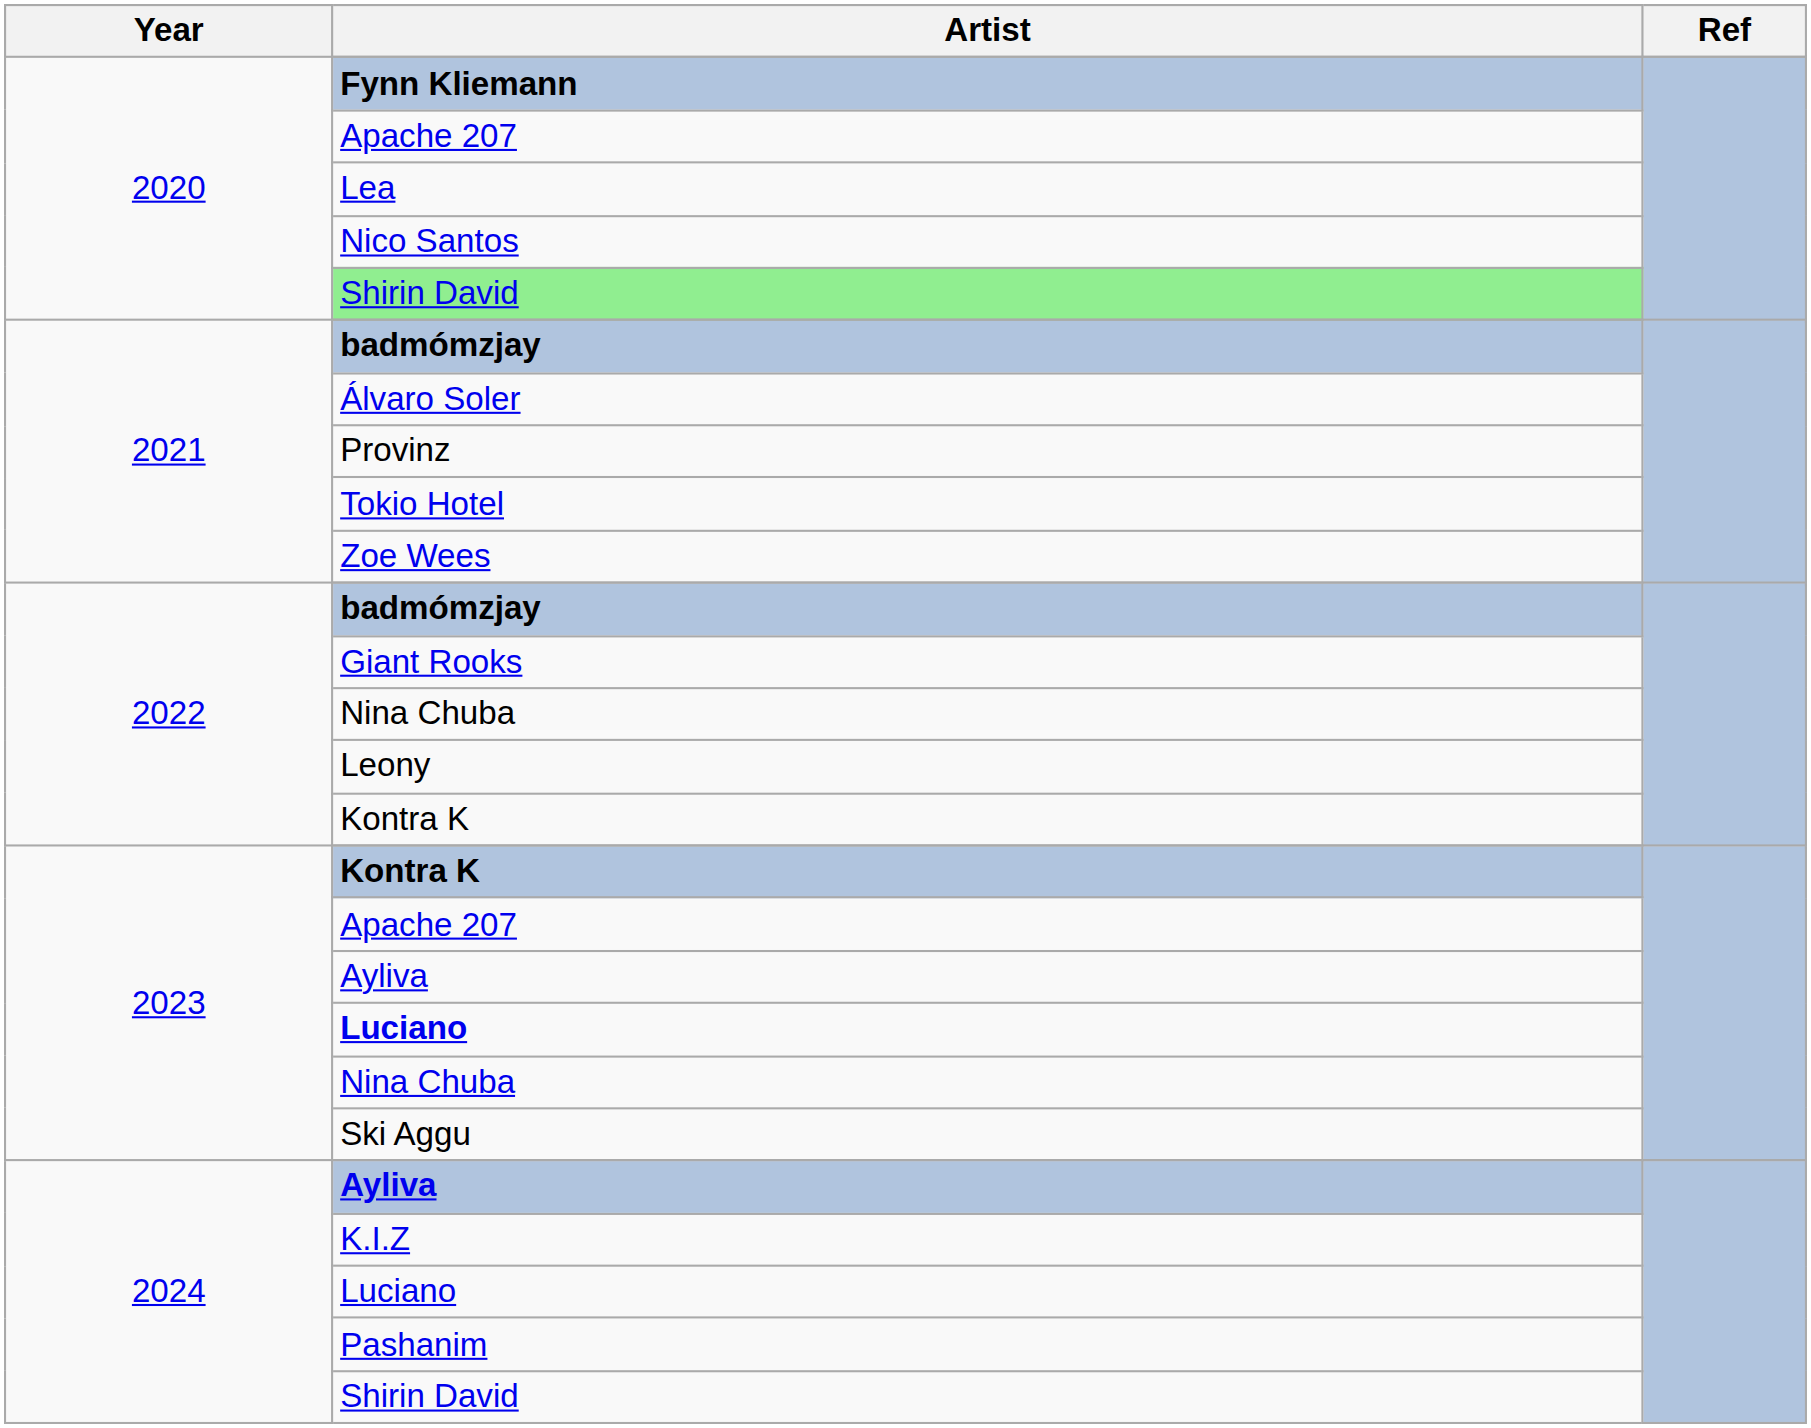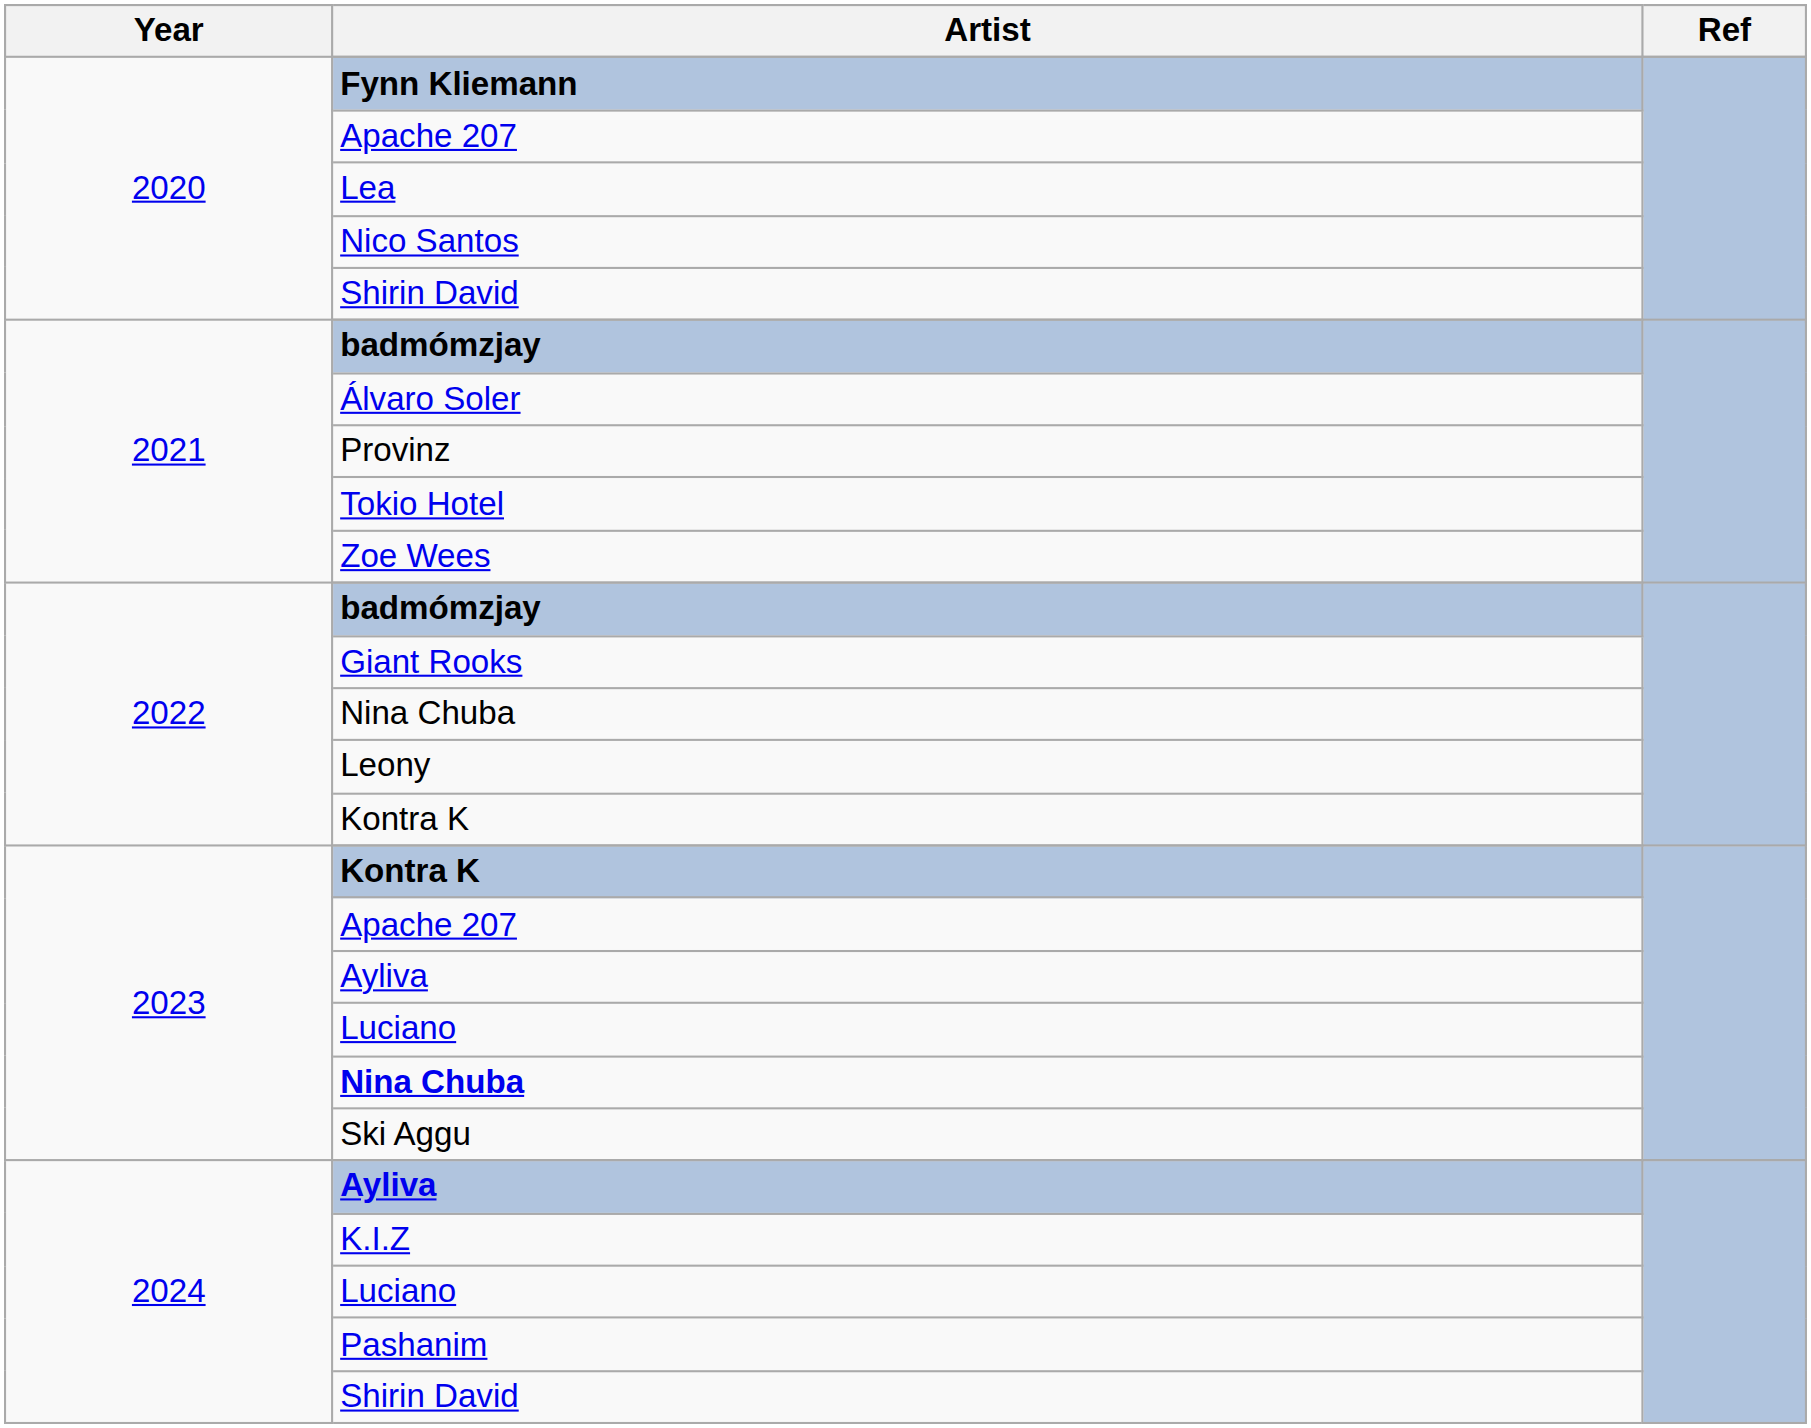 <table class="wikitable" style="width:55%;">
 <tr style="background:#bebebe;">
 <th style="width:10%;">Year</th>
 <th style="width:40%;">Artist</th>
 <th style="width:5%;">Ref</th>
 </tr>
 <tr>
 <td rowspan="6" align="center"><a href='#'>2020</a></td>
 </tr>
 <tr style="background:#B0C4DE">
 <td><strong>Fynn Kliemann</strong></td>
 <td rowspan="6" align="center"></td>
 </tr>
 <tr>
 <td><a href='#'>Apache 207</a></td>
 </tr>
 <tr>
 <td><a href='#'>Lea</a></td>
 </tr>
 <tr>
 <td><a href='#'>Nico Santos</a></td>
 </tr>
 <tr>
-<td style="background: lightgreen;"><a href='#'>Shirin David</a></td>
+<td><a href='#'>Shirin David</a></td>
 </tr>
 <tr>
 <td rowspan="6" align="center"><a href='#'>2021</a></td>
 </tr>
 <tr style="background:#B0C4DE">
 <td><strong>badmómzjay</strong></td>
 <td rowspan="6" align="center"></td>
 </tr>
 <tr>
 <td><a href='#'>Álvaro Soler</a></td>
 </tr>
 <tr>
 <td>Provinz</td>
 </tr>
 <tr>
 <td><a href='#'>Tokio Hotel</a></td>
 </tr>
 <tr>
 <td><a href='#'>Zoe Wees</a></td>
 </tr>
 <tr>
 <td rowspan="6" align="center"><a href='#'>2022</a></td>
 </tr>
 <tr style="background:#B0C4DE">
 <td><strong>badmómzjay</strong></td>
 <td rowspan="6" align="center"></td>
 </tr>
 <tr>
 <td><a href='#'>Giant Rooks</a></td>
 </tr>
 <tr>
 <td>Nina Chuba</td>
 </tr>
 <tr>
 <td>Leony</td>
 </tr>
 <tr>
 <td>Kontra K</td>
 </tr>
 <tr>
 <td rowspan="7" align="center"><a href='#'>2023</a></td>
 </tr>
 <tr style="background:#B0C4DE">
 <td><strong>Kontra K</strong></td>
 <td rowspan="6" align="center"></td>
 </tr>
 <tr>
 <td><a href='#'>Apache 207</a></td>
 </tr>
 <tr>
 <td><a href='#'>Ayliva</a></td>
 </tr>
 <tr>
-<td><strong><a href='#'>Luciano</a></strong></td>
+<td><a href='#'>Luciano</a></td>
 </tr>
 <tr>
-<td><a href='#'>Nina Chuba</a></td>
+<td><strong><a href='#'>Nina Chuba</a></strong></td>
 </tr>
 <tr>
 <td>Ski Aggu</td>
 </tr>
 <tr>
 <td rowspan="6" align="center"><a href='#'>2024</a></td>
 </tr>
 <tr style="background:#B0C4DE">
 <td><strong><a href='#'>Ayliva</a></strong></td>
 <td rowspan="6" align="center"></td>
 </tr>
 <tr>
 <td><a href='#'>K.I.Z</a></td>
 </tr>
 <tr>
 <td><a href='#'>Luciano</a></td>
 </tr>
 <tr>
 <td><a href='#'>Pashanim</a></td>
 </tr>
 <tr>
 <td><a href='#'>Shirin David</a></td>
 </tr>
 </table>
